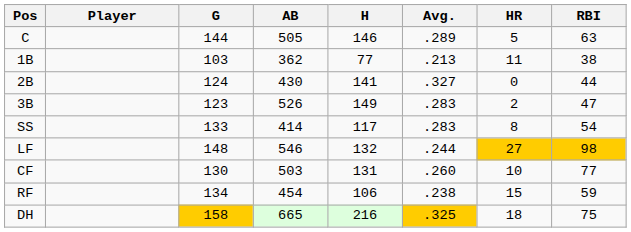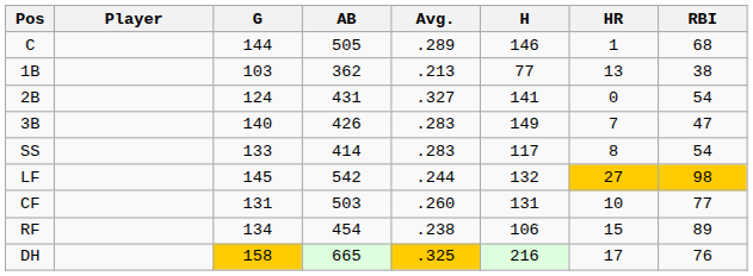 <table class="wikitable sortable">
 <tr>
 <th bgcolor="#DDDDFF" width="5%">Pos</th>
 <th bgcolor="#DDDDFF" width="16%">Player</th>
 <th bgcolor="#DDDDFF" width="9%">G</th>
 <th bgcolor="#DDDDFF" width="9%">AB</th>
+<th bgcolor="#DDDDFF" width="9%">Avg.</th>
 <th bgcolor="#DDDDFF" width="9%">H</th>
-<th bgcolor="#DDDDFF" width="9%">Avg.</th>
 <th bgcolor="#DDDDFF" width="9%">HR</th>
 <th bgcolor="#DDDDFF" width="9%">RBI</th>
 </tr>
 <tr align="center">
 <td>C</td>
 <td></td>
 <td>144</td>
 <td>505</td>
+<td>.289</td>
 <td>146</td>
-<td>.289</td>
-<td>5</td>
-<td>63</td>
+<td>1</td>
+<td>68</td>
 </tr>
 <tr align="center">
 <td>1B</td>
 <td></td>
 <td>103</td>
 <td>362</td>
+<td>.213</td>
 <td>77</td>
-<td>.213</td>
-<td>11</td>
+<td>13</td>
 <td>38</td>
 </tr>
 <tr align="center">
 <td>2B</td>
 <td></td>
 <td>124</td>
-<td>430</td>
+<td>431</td>
+<td>.327</td>
 <td>141</td>
-<td>.327</td>
 <td>0</td>
-<td>44</td>
+<td>54</td>
 </tr>
 <tr align="center">
 <td>3B</td>
 <td></td>
-<td>123</td>
-<td>526</td>
+<td>140</td>
+<td>426</td>
+<td>.283</td>
 <td>149</td>
-<td>.283</td>
-<td>2</td>
+<td>7</td>
 <td>47</td>
 </tr>
 <tr align="center">
 <td>SS</td>
 <td></td>
 <td>133</td>
 <td>414</td>
+<td>.283</td>
 <td>117</td>
-<td>.283</td>
 <td>8</td>
 <td>54</td>
 </tr>
 <tr align="center">
 <td>LF</td>
 <td></td>
-<td>148</td>
-<td>546</td>
+<td>145</td>
+<td>542</td>
+<td>.244</td>
 <td>132</td>
-<td>.244</td>
 <td style="background:#fc0;">27</td>
 <td style="background:#fc0;">98</td>
 </tr>
 <tr align="center">
 <td>CF</td>
 <td></td>
-<td>130</td>
+<td>131</td>
 <td>503</td>
+<td>.260</td>
 <td>131</td>
-<td>.260</td>
 <td>10</td>
 <td>77</td>
 </tr>
 <tr align="center">
 <td>RF</td>
 <td></td>
 <td>134</td>
 <td>454</td>
+<td>.238</td>
 <td>106</td>
-<td>.238</td>
 <td>15</td>
-<td>59</td>
+<td>89</td>
 </tr>
 <tr align="center">
 <td>DH</td>
 <td></td>
 <td style="background:#fc0;">158</td>
 <td style="background:#DDFFDD;">665</td>
+<td style="background:#fc0;">.325</td>
 <td style="background:#DDFFDD;">216</td>
-<td style="background:#fc0;">.325</td>
-<td>18</td>
-<td>75</td>
+<td>17</td>
+<td>76</td>
 </tr>
 </table>
